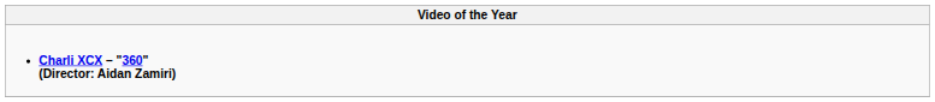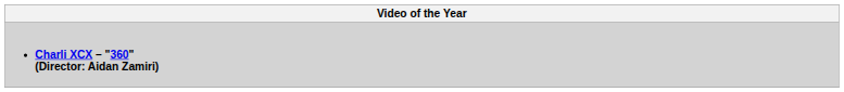 <table class="wikitable" style="width:95%">
 <tr bgcolor="#bebebe">
 <th width="100%">Video of the Year</th>
 </tr>
 <tr>
-<td valign="top"><br><ul><li><strong><a href='#'>Charli XCX</a> – "<a href='#'>360</a>"<br>(Director: Aidan Zamiri)</strong></li></ul></td>
+<td valign="top" style="background: lightgrey;"><br><ul><li><strong><a href='#'>Charli XCX</a> – "<a href='#'>360</a>"<br>(Director: Aidan Zamiri)</strong></li></ul></td>
 </tr>
 <tr>
 </tr>
 </table>
